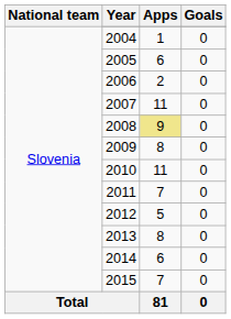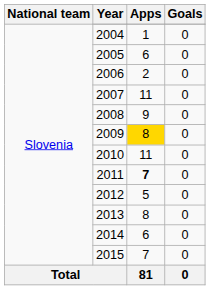 <table class="wikitable" style="text-align:center">
 <tr>
 <th>National team</th>
 <th>Year</th>
 <th>Apps</th>
 <th>Goals</th>
 </tr>
 <tr>
 <td rowspan="13"><a href='#'>Slovenia</a></td>
 </tr>
 <tr>
 <td>2004</td>
 <td>1</td>
 <td>0</td>
 </tr>
 <tr>
 <td>2005</td>
 <td>6</td>
 <td>0</td>
 </tr>
 <tr>
 <td>2006</td>
 <td>2</td>
 <td>0</td>
 </tr>
 <tr>
 <td>2007</td>
 <td>11</td>
 <td>0</td>
 </tr>
 <tr>
 <td>2008</td>
-<td style="background: khaki;">9</td>
+<td>9</td>
 <td>0</td>
 </tr>
 <tr>
 <td>2009</td>
-<td>8</td>
+<td style="background: gold;">8</td>
 <td>0</td>
 </tr>
 <tr>
 <td>2010</td>
 <td>11</td>
 <td>0</td>
 </tr>
 <tr>
 <td>2011</td>
-<td>7</td>
+<td><strong>7</strong></td>
 <td>0</td>
 </tr>
 <tr>
 <td>2012</td>
 <td>5</td>
 <td>0</td>
 </tr>
 <tr>
 <td>2013</td>
 <td>8</td>
 <td>0</td>
 </tr>
 <tr>
 <td>2014</td>
 <td>6</td>
 <td>0</td>
 </tr>
 <tr>
 <td>2015</td>
 <td>7</td>
 <td>0</td>
 </tr>
 <tr>
 <th colspan=2>Total</th>
 <th>81</th>
 <th>0</th>
 </tr>
 </table>
